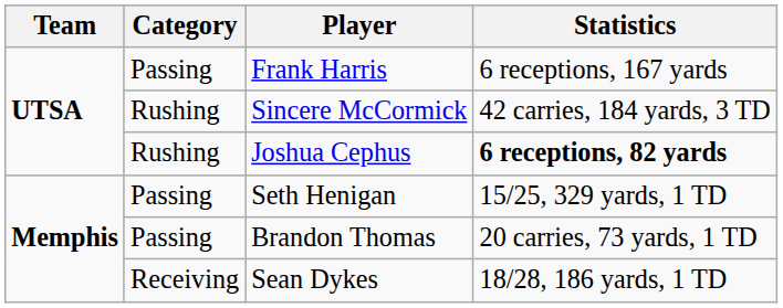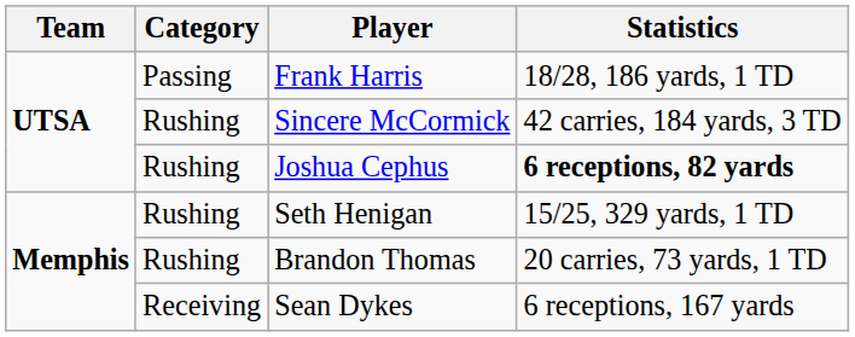 <table class="wikitable" style="float: left;">
 <tr>
 <th>Team</th>
 <th>Category</th>
 <th>Player</th>
 <th>Statistics</th>
 </tr>
 <tr>
 <td rowspan=3><strong>UTSA</strong></td>
 <td>Passing</td>
 <td><a href='#'>Frank Harris</a></td>
-<td>6 receptions, 167 yards</td>
+<td>18/28, 186 yards, 1 TD</td>
 </tr>
 <tr>
 <td>Rushing</td>
 <td><a href='#'>Sincere McCormick</a></td>
 <td>42 carries, 184 yards, 3 TD</td>
 </tr>
 <tr>
 <td>Rushing</td>
 <td><a href='#'>Joshua Cephus</a></td>
 <td><strong>6 receptions, 82 yards</strong></td>
 </tr>
 <tr>
 <td rowspan=3><strong>Memphis</strong></td>
-<td>Passing</td>
+<td>Rushing</td>
 <td>Seth Henigan</td>
 <td>15/25, 329 yards, 1 TD</td>
 </tr>
 <tr>
-<td>Passing</td>
+<td>Rushing</td>
 <td>Brandon Thomas</td>
 <td>20 carries, 73 yards, 1 TD</td>
 </tr>
 <tr>
 <td>Receiving</td>
 <td>Sean Dykes</td>
-<td>18/28, 186 yards, 1 TD</td>
+<td>6 receptions, 167 yards</td>
 </tr>
 </table>
